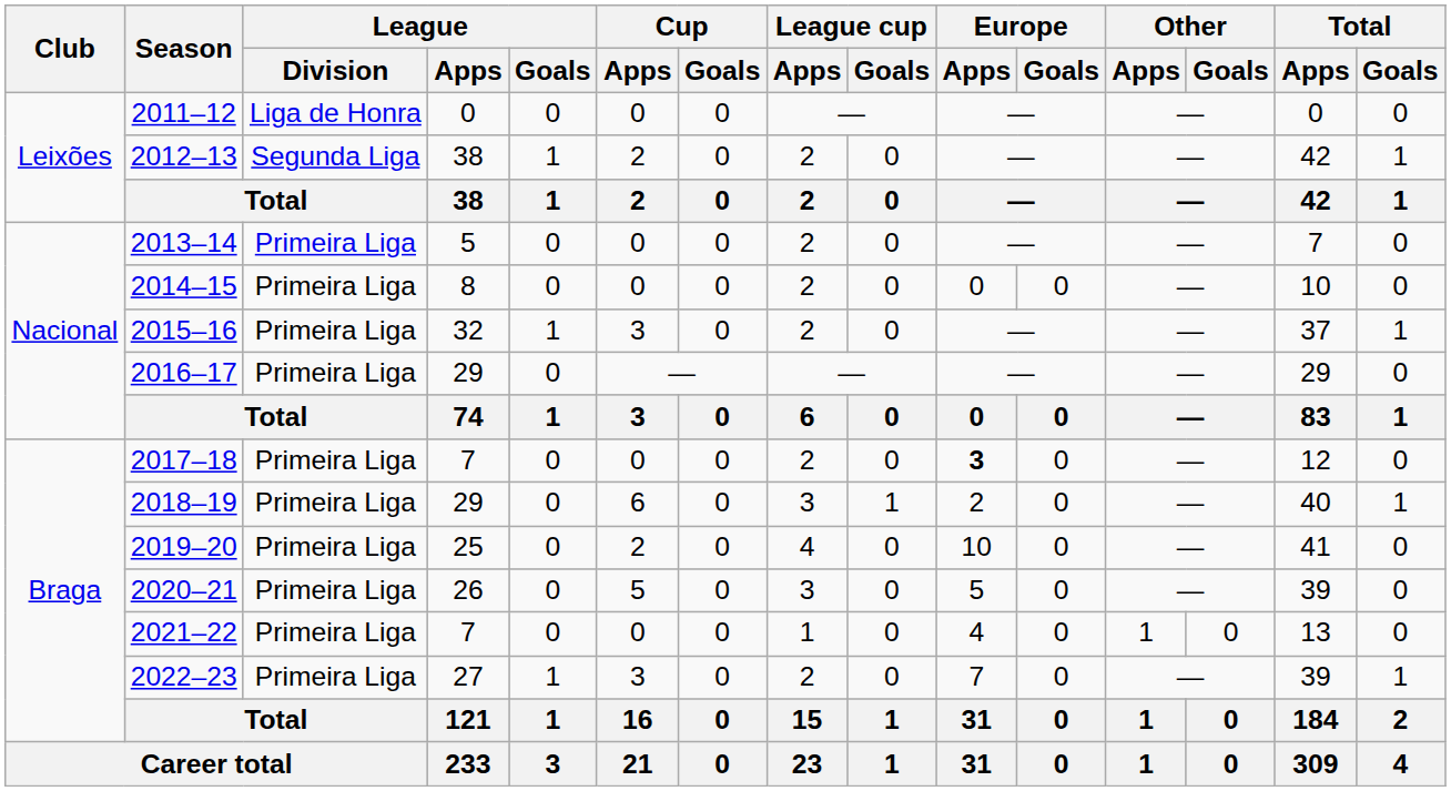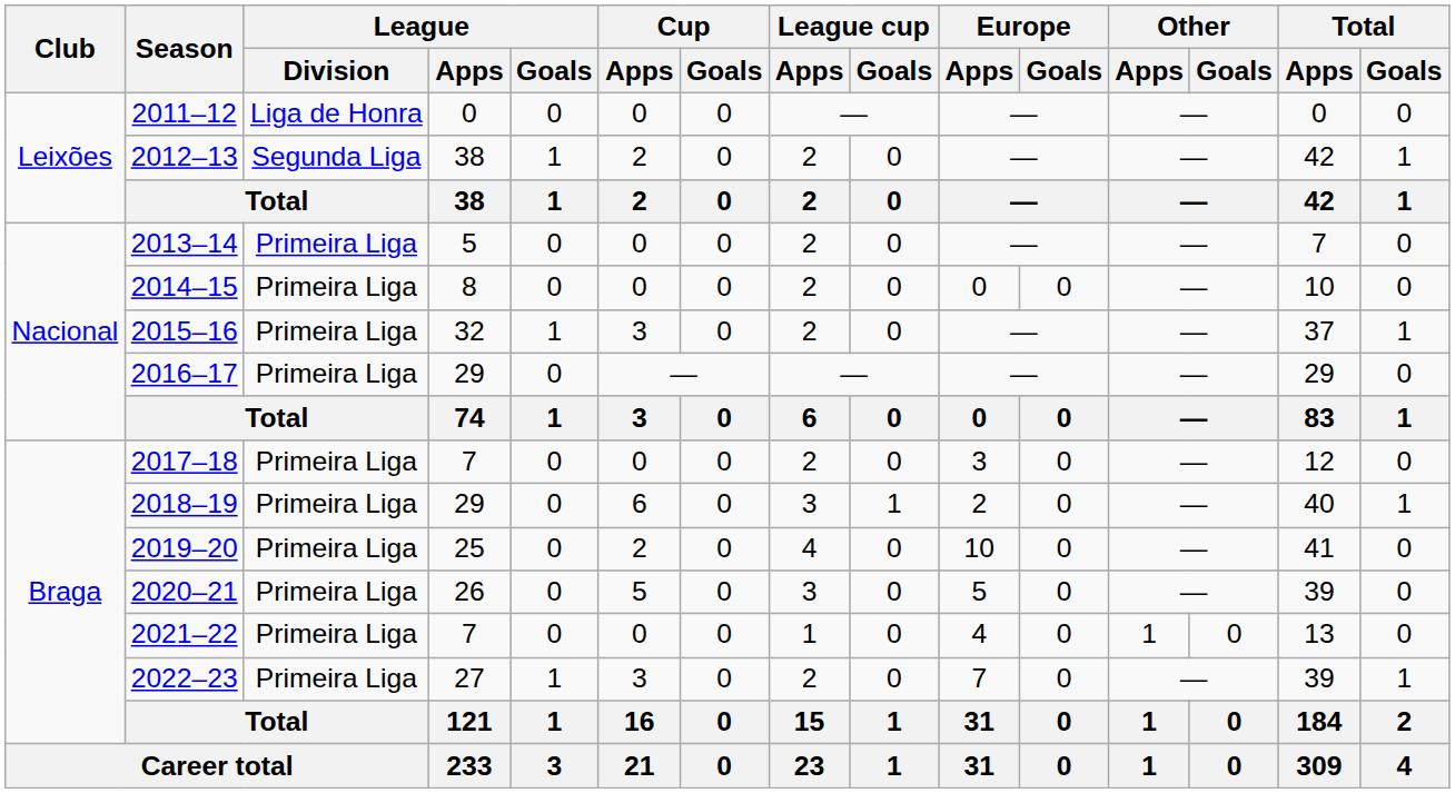 <table class="wikitable" style="text-align: center;">
 <tr>
 <th rowspan="2">Club</th>
 <th rowspan="2">Season</th>
 <th colspan="3">League</th>
 <th colspan="2">Cup</th>
 <th colspan="2">League cup</th>
 <th colspan="2">Europe</th>
 <th colspan="2">Other</th>
 <th colspan="2">Total</th>
 </tr>
 <tr>
 <th>Division</th>
 <th>Apps</th>
 <th>Goals</th>
 <th>Apps</th>
 <th>Goals</th>
 <th>Apps</th>
 <th>Goals</th>
 <th>Apps</th>
 <th>Goals</th>
 <th>Apps</th>
 <th>Goals</th>
 <th>Apps</th>
 <th>Goals</th>
 </tr>
 <tr>
 <td rowspan="3"><a href='#'>Leixões</a></td>
 <td><a href='#'>2011–12</a></td>
 <td><a href='#'>Liga de Honra</a></td>
 <td>0</td>
 <td>0</td>
 <td>0</td>
 <td>0</td>
 <td colspan="2">—</td>
 <td colspan="2">—</td>
 <td colspan="2">—</td>
 <td>0</td>
 <td>0</td>
 </tr>
 <tr>
 <td><a href='#'>2012–13</a></td>
 <td><a href='#'>Segunda Liga</a></td>
 <td>38</td>
 <td>1</td>
 <td>2</td>
 <td>0</td>
 <td>2</td>
 <td>0</td>
 <td colspan="2">—</td>
 <td colspan="2">—</td>
 <td>42</td>
 <td>1</td>
 </tr>
 <tr>
 <th colspan="2">Total</th>
 <th>38</th>
 <th>1</th>
 <th>2</th>
 <th>0</th>
 <th>2</th>
 <th>0</th>
 <th colspan="2">—</th>
 <th colspan="2">—</th>
 <th>42</th>
 <th>1</th>
 </tr>
 <tr>
 <td rowspan="5"><a href='#'>Nacional</a></td>
 <td><a href='#'>2013–14</a></td>
 <td><a href='#'>Primeira Liga</a></td>
 <td>5</td>
 <td>0</td>
 <td>0</td>
 <td>0</td>
 <td>2</td>
 <td>0</td>
 <td colspan="2">—</td>
 <td colspan="2">—</td>
 <td>7</td>
 <td>0</td>
 </tr>
 <tr>
 <td><a href='#'>2014–15</a></td>
 <td>Primeira Liga</td>
 <td>8</td>
 <td>0</td>
 <td>0</td>
 <td>0</td>
 <td>2</td>
 <td>0</td>
 <td>0</td>
 <td>0</td>
 <td colspan="2">—</td>
 <td>10</td>
 <td>0</td>
 </tr>
 <tr>
 <td><a href='#'>2015–16</a></td>
 <td>Primeira Liga</td>
 <td>32</td>
 <td>1</td>
 <td>3</td>
 <td>0</td>
 <td>2</td>
 <td>0</td>
 <td colspan="2">—</td>
 <td colspan="2">—</td>
 <td>37</td>
 <td>1</td>
 </tr>
 <tr>
 <td><a href='#'>2016–17</a></td>
 <td>Primeira Liga</td>
 <td>29</td>
 <td>0</td>
 <td colspan="2">—</td>
 <td colspan="2">—</td>
 <td colspan="2">—</td>
 <td colspan="2">—</td>
 <td>29</td>
 <td>0</td>
 </tr>
 <tr>
 <th colspan="2">Total</th>
 <th>74</th>
 <th>1</th>
 <th>3</th>
 <th>0</th>
 <th>6</th>
 <th>0</th>
 <th>0</th>
 <th>0</th>
 <th colspan="2">—</th>
 <th>83</th>
 <th>1</th>
 </tr>
 <tr>
 <td rowspan="7"><a href='#'>Braga</a></td>
 <td><a href='#'>2017–18</a></td>
 <td>Primeira Liga</td>
 <td>7</td>
 <td>0</td>
 <td>0</td>
 <td>0</td>
 <td>2</td>
 <td>0</td>
-<td><strong>3</strong></td>
+<td>3</td>
 <td>0</td>
 <td colspan="2">—</td>
 <td>12</td>
 <td>0</td>
 </tr>
 <tr>
 <td><a href='#'>2018–19</a></td>
 <td>Primeira Liga</td>
 <td>29</td>
 <td>0</td>
 <td>6</td>
 <td>0</td>
 <td>3</td>
 <td>1</td>
 <td>2</td>
 <td>0</td>
 <td colspan="2">—</td>
 <td>40</td>
 <td>1</td>
 </tr>
 <tr>
 <td><a href='#'>2019–20</a></td>
 <td>Primeira Liga</td>
 <td>25</td>
 <td>0</td>
 <td>2</td>
 <td>0</td>
 <td>4</td>
 <td>0</td>
 <td>10</td>
 <td>0</td>
 <td colspan="2">—</td>
 <td>41</td>
 <td>0</td>
 </tr>
 <tr>
 <td><a href='#'>2020–21</a></td>
 <td>Primeira Liga</td>
 <td>26</td>
 <td>0</td>
 <td>5</td>
 <td>0</td>
 <td>3</td>
 <td>0</td>
 <td>5</td>
 <td>0</td>
 <td colspan="2">—</td>
 <td>39</td>
 <td>0</td>
 </tr>
 <tr>
 <td><a href='#'>2021–22</a></td>
 <td>Primeira Liga</td>
 <td>7</td>
 <td>0</td>
 <td>0</td>
 <td>0</td>
 <td>1</td>
 <td>0</td>
 <td>4</td>
 <td>0</td>
 <td>1</td>
 <td>0</td>
 <td>13</td>
 <td>0</td>
 </tr>
 <tr>
 <td><a href='#'>2022–23</a></td>
 <td>Primeira Liga</td>
 <td>27</td>
 <td>1</td>
 <td>3</td>
 <td>0</td>
 <td>2</td>
 <td>0</td>
 <td>7</td>
 <td>0</td>
 <td colspan="2">—</td>
 <td>39</td>
 <td>1</td>
 </tr>
 <tr>
 <th colspan="2">Total</th>
 <th>121</th>
 <th>1</th>
 <th>16</th>
 <th>0</th>
 <th>15</th>
 <th>1</th>
 <th>31</th>
 <th>0</th>
 <th>1</th>
 <th>0</th>
 <th>184</th>
 <th>2</th>
 </tr>
 <tr>
 <th colspan="3">Career total</th>
 <th>233</th>
 <th>3</th>
 <th>21</th>
 <th>0</th>
 <th>23</th>
 <th>1</th>
 <th>31</th>
 <th>0</th>
 <th>1</th>
 <th>0</th>
 <th>309</th>
 <th>4</th>
 </tr>
 </table>
